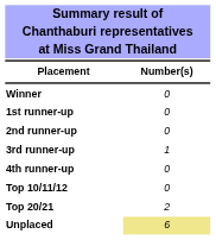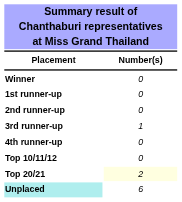 <table style="width: 270px; font-size:85%; line-height:1.5em;">
 <tr>
 <th colspan="2" align="center" style="background:#AAF;"><big>Summary result of<br>Chanthaburi representatives<br>at Miss Grand Thailand</big></th>
 </tr>
 <tr>
 <td colspan="2" style="background:black"></td>
 </tr>
 <tr>
 <th scope="col">Placement</th>
 <th scope="col">Number(s)</th>
 </tr>
 <tr>
 <td colspan="2" style="background:black"></td>
 </tr>
 <tr>
 <td align="left"><strong>Winner</strong></td>
 <td align="center"><em>0</em></td>
 </tr>
 <tr>
 <td align="left"><strong>1st runner-up</strong></td>
 <td align="center"><em>0</em></td>
 </tr>
 <tr>
 <td align="left"><strong>2nd runner-up</strong></td>
 <td align="center"><em>0</em></td>
 </tr>
 <tr>
 <td align="left"><strong>3rd runner-up</strong></td>
 <td align="center"><em>1</em></td>
 </tr>
 <tr>
 <td align="left"><strong>4th runner-up</strong></td>
 <td align="center"><em>0</em></td>
 </tr>
 <tr>
 <td align="left"><strong>Top 10/11/12</strong></td>
 <td align="center"><em>0</em></td>
 </tr>
 <tr>
 <td align="left"><strong>Top 20/21</strong></td>
-<td align="center"><em>2</em></td>
+<td align="center" style="background: lightyellow;"><em>2</em></td>
 </tr>
 <tr>
-<td align="left"><strong>Unplaced</strong></td>
-<td align="center" style="background: khaki;"><em>6</em></td>
+<td align="left" style="background: paleturquoise;"><strong>Unplaced</strong></td>
+<td align="center"><em>6</em></td>
 </tr>
 </table>
